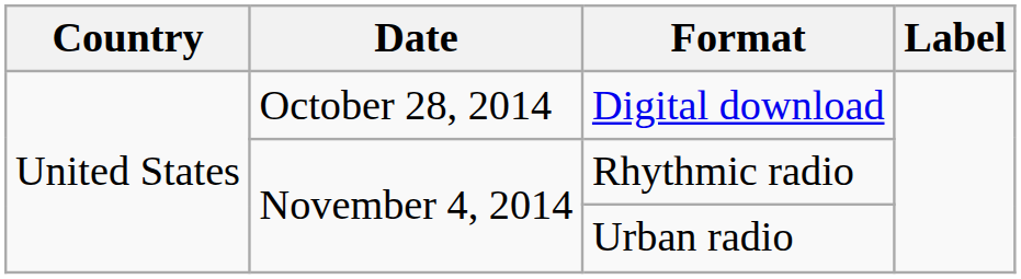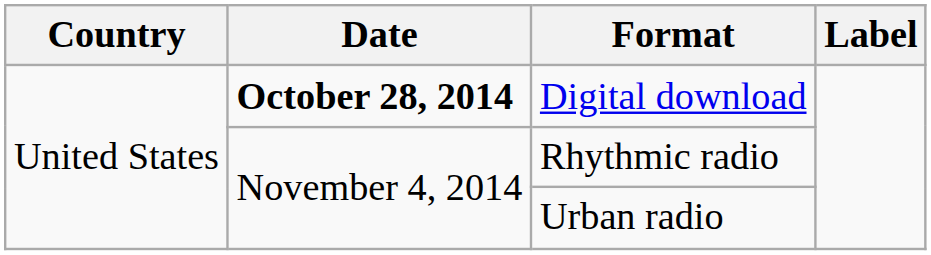 <table class="wikitable plainrowheaders">
 <tr>
 <th scope="col">Country</th>
 <th scope="col">Date</th>
 <th scope="col">Format</th>
 <th scope="col">Label</th>
 </tr>
 <tr>
 <td rowspan="3">United States</td>
-<td>October 28, 2014</td>
+<td><strong>October 28, 2014</strong></td>
 <td><a href='#'>Digital download</a></td>
 <td rowspan="3"></td>
 </tr>
 <tr>
 <td rowspan="2">November 4, 2014</td>
 <td>Rhythmic radio</td>
 </tr>
 <tr>
 <td>Urban radio</td>
 </tr>
 </table>
